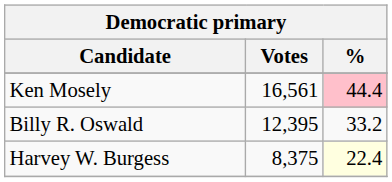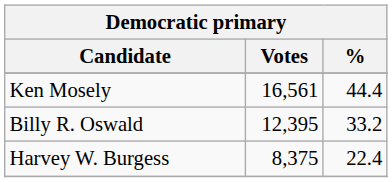 <table class="wikitable" align="left" style="margin: 1em 1em 1em 0; font-size: 95%;">
 <tr>
 <th colspan="3">Democratic primary</th>
 </tr>
 <tr>
 <th colspan="1" style="width: 170px">Candidate</th>
 <th style="width: 50px">Votes</th>
 <th style="width: 40px">%</th>
 </tr>
 <tr>
 </tr>
 <tr>
 <td>Ken Mosely</td>
 <td align="right">16,561</td>
-<td align="right" style="background: pink;">44.4</td>
+<td align="right">44.4</td>
 </tr>
 <tr>
 <td>Billy R. Oswald</td>
 <td align="right">12,395</td>
 <td align="right">33.2</td>
 </tr>
 <tr>
 <td>Harvey W. Burgess</td>
 <td align="right">8,375</td>
-<td align="right" style="background: lightyellow;">22.4</td>
+<td align="right">22.4</td>
 </tr>
 <tr>
 </tr>
 </table>
